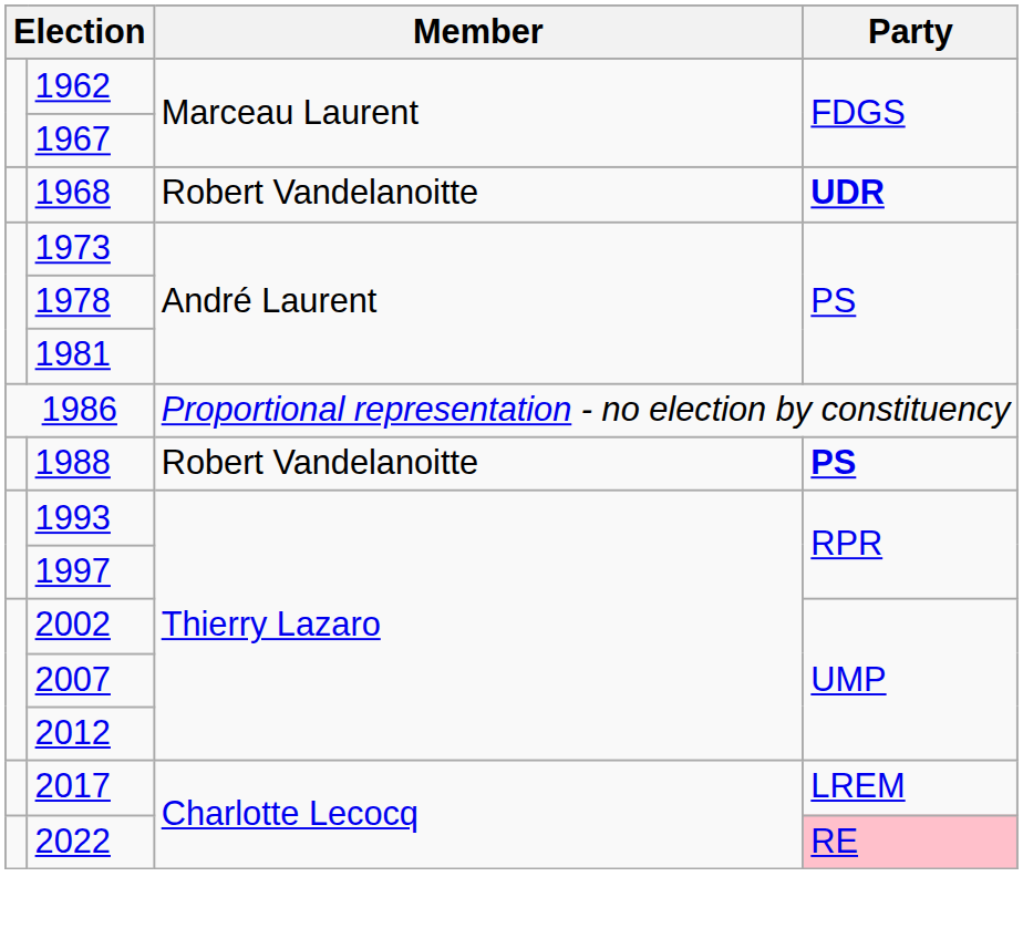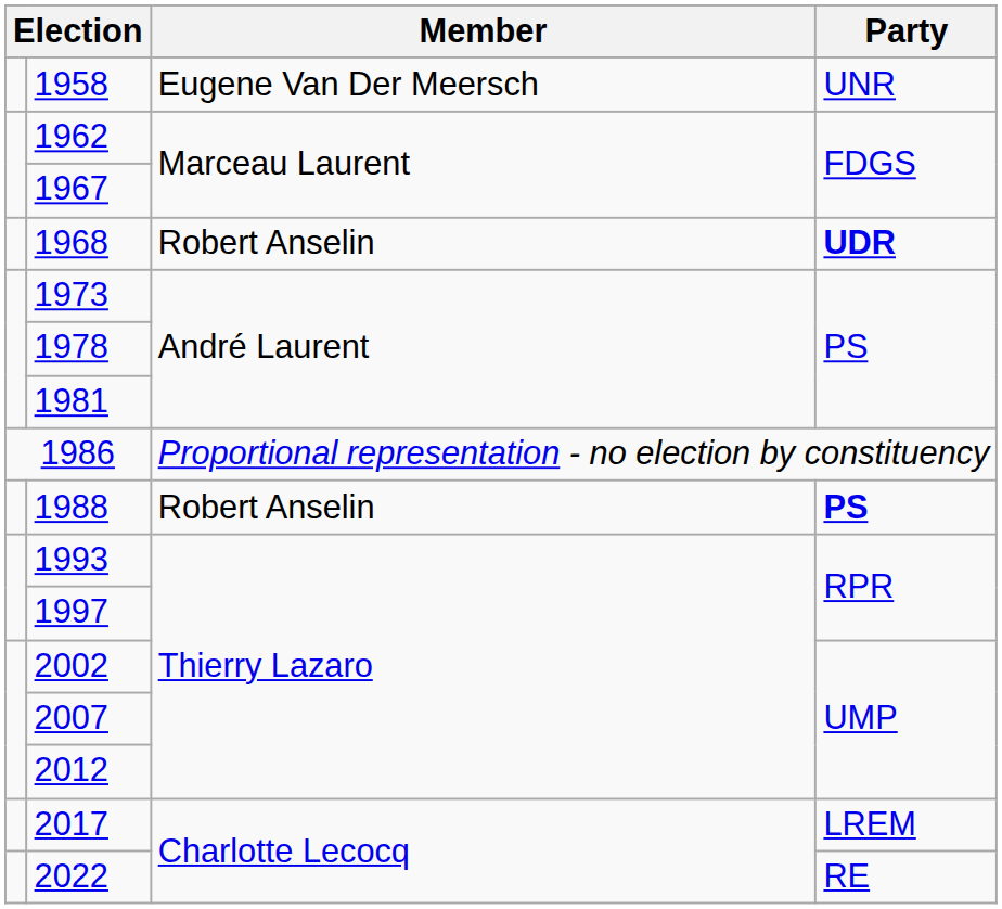 <table class="wikitable">
 <tr>
 <th colspan="2">Election</th>
 <th>Member</th>
 <th>Party</th>
+</tr>
+<tr>
+<td style="color:inherit;background-color: "></td>
+<td><a href='#'>1958</a></td>
+<td>Eugene Van Der Meersch</td>
+<td><a href='#'>UNR</a></td>
 </tr>
 <tr>
 <td rowspan="2" style="background-color: "></td>
 <td><a href='#'>1962</a></td>
 <td rowspan="2">Marceau Laurent</td>
 <td rowspan="2"><a href='#'>FDGS</a></td>
 </tr>
 <tr>
 <td><a href='#'>1967</a></td>
 </tr>
 <tr>
 <td style="color:inherit;background-color: "></td>
 <td><a href='#'>1968</a></td>
-<td>Robert Vandelanoitte</td>
+<td>Robert Anselin</td>
 <td><strong><a href='#'>UDR</a></strong></td>
 </tr>
 <tr>
 <td rowspan="3" style="color:inherit;background-color: "></td>
 <td><a href='#'>1973</a></td>
 <td rowspan="3">André Laurent</td>
 <td rowspan="3"><a href='#'>PS</a></td>
 </tr>
 <tr>
 <td><a href='#'>1978</a></td>
 </tr>
 <tr>
 <td><a href='#'>1981</a></td>
 </tr>
 <tr>
 <td colspan="2" align="center"><a href='#'>1986</a></td>
 <td colspan="2"><em><a href='#'>Proportional representation</a> - no election by constituency</em></td>
 </tr>
 <tr>
 <td style="color:inherit;background-color: "></td>
 <td><a href='#'>1988</a></td>
-<td>Robert Vandelanoitte</td>
+<td>Robert Anselin</td>
 <td><strong><a href='#'>PS</a></strong></td>
 </tr>
 <tr>
 <td rowspan="2" style="color:inherit;background-color: "></td>
 <td><a href='#'>1993</a></td>
 <td rowspan="5"><a href='#'>Thierry Lazaro</a></td>
 <td rowspan="2"><a href='#'>RPR</a></td>
 </tr>
 <tr>
 <td><a href='#'>1997</a></td>
 </tr>
 <tr>
 <td rowspan="3" style="color:inherit;background-color: "></td>
 <td><a href='#'>2002</a></td>
 <td rowspan="3"><a href='#'>UMP</a></td>
 </tr>
 <tr>
 <td><a href='#'>2007</a></td>
 </tr>
 <tr>
 <td><a href='#'>2012</a></td>
 </tr>
 <tr>
 <td style="color:inherit;background-color: "></td>
 <td><a href='#'>2017</a></td>
 <td rowspan="2"><a href='#'>Charlotte Lecocq</a></td>
 <td><a href='#'>LREM</a></td>
 </tr>
 <tr>
 <td style="color:inherit;background-color: "></td>
 <td><a href='#'>2022</a></td>
-<td style="background: pink;"><a href='#'>RE</a></td>
+<td><a href='#'>RE</a></td>
 </tr>
 </table>
